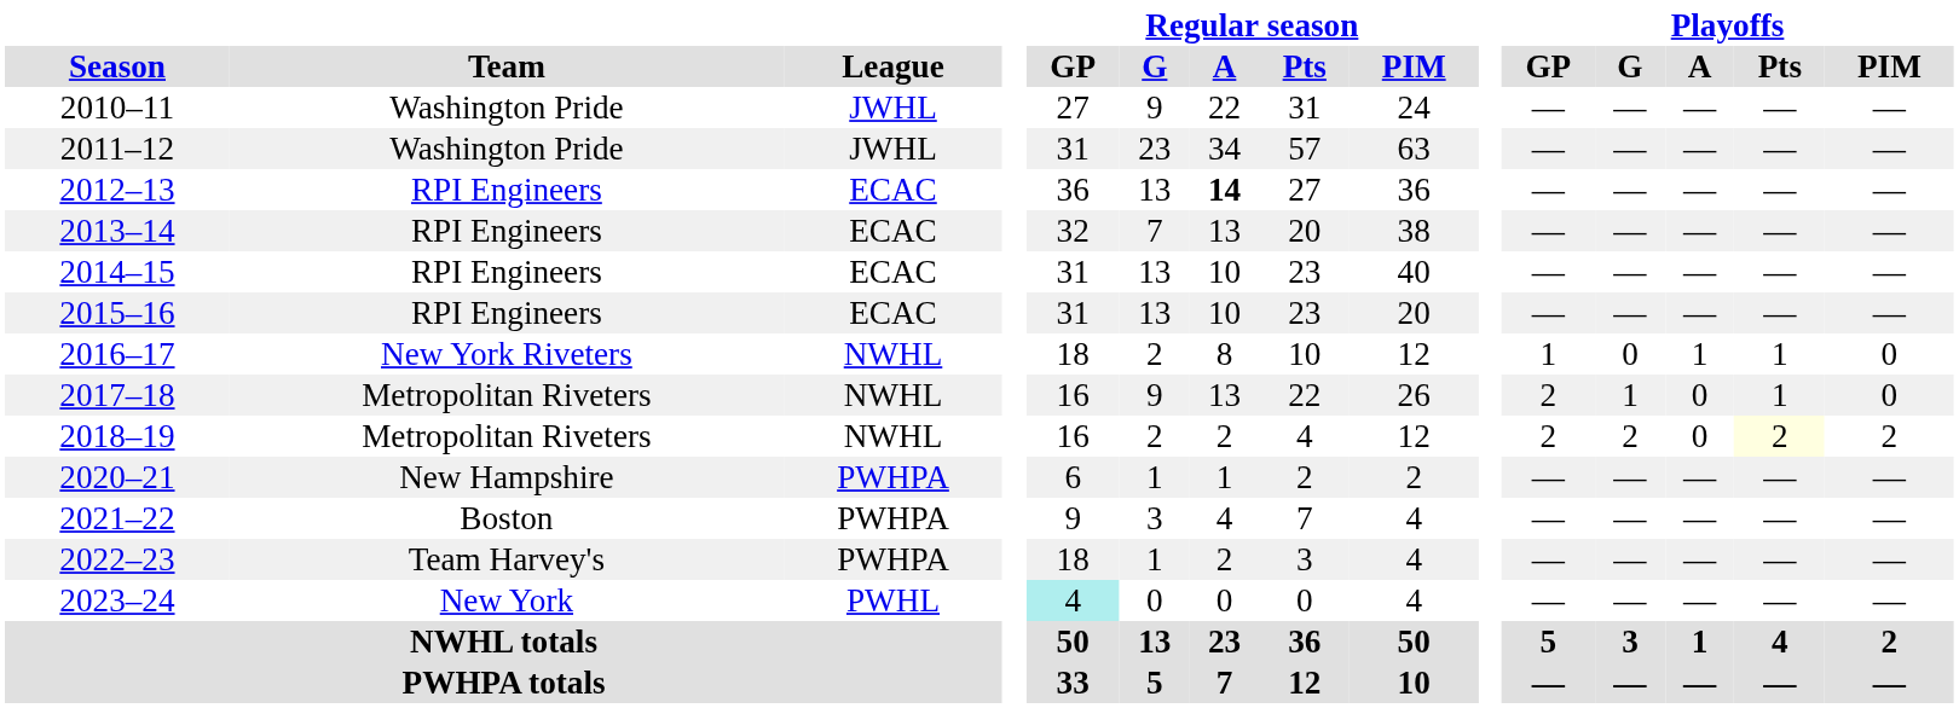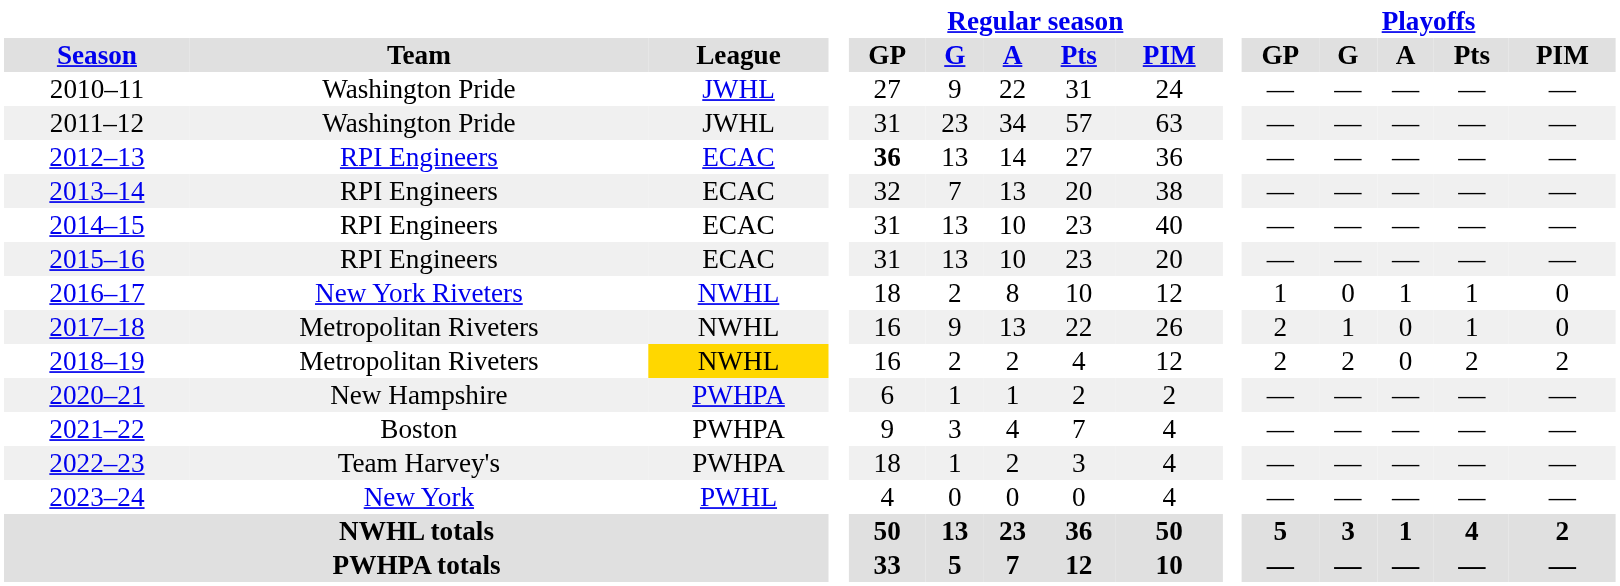 <table border="0" cellpadding="1" cellspacing="0" width="75%" style="text-align:center">
 <tr>
 <th colspan="3" bgcolor="#ffffff"> </th>
 <th rowspan="99" bgcolor="#ffffff"> </th>
 <th colspan="5"><a href='#'>Regular season</a></th>
 <th rowspan="99" bgcolor="#ffffff"> </th>
 <th colspan="5"><a href='#'>Playoffs</a></th>
 </tr>
 <tr bgcolor="#e0e0e0">
 <th><a href='#'>Season</a></th>
 <th>Team</th>
 <th>League</th>
 <th>GP</th>
 <th><a href='#'>G</a></th>
 <th><a href='#'>A</a></th>
 <th><a href='#'>Pts</a></th>
 <th><a href='#'>PIM</a></th>
 <th>GP</th>
 <th>G</th>
 <th>A</th>
 <th>Pts</th>
 <th>PIM</th>
 </tr>
 <tr>
 <td>2010–11</td>
 <td>Washington Pride</td>
 <td><a href='#'>JWHL</a></td>
 <td>27</td>
 <td>9</td>
 <td>22</td>
 <td>31</td>
 <td>24</td>
 <td>—</td>
 <td>—</td>
 <td>—</td>
 <td>—</td>
 <td>—</td>
 </tr>
 <tr bgcolor="f0f0f0">
 <td>2011–12</td>
 <td>Washington Pride</td>
 <td>JWHL</td>
 <td>31</td>
 <td>23</td>
 <td>34</td>
 <td>57</td>
 <td>63</td>
 <td>—</td>
 <td>—</td>
 <td>—</td>
 <td>—</td>
 <td>—</td>
 </tr>
 <tr>
 <td><a href='#'>2012–13</a></td>
 <td><a href='#'>RPI Engineers</a></td>
 <td><a href='#'>ECAC</a></td>
-<td>36</td>
+<td><strong>36</strong></td>
 <td>13</td>
-<td><strong>14</strong></td>
+<td>14</td>
 <td>27</td>
 <td>36</td>
 <td>—</td>
 <td>—</td>
 <td>—</td>
 <td>—</td>
 <td>—</td>
 </tr>
 <tr bgcolor="f0f0f0">
 <td><a href='#'>2013–14</a></td>
 <td>RPI Engineers</td>
 <td>ECAC</td>
 <td>32</td>
 <td>7</td>
 <td>13</td>
 <td>20</td>
 <td>38</td>
 <td>—</td>
 <td>—</td>
 <td>—</td>
 <td>—</td>
 <td>—</td>
 </tr>
 <tr>
 <td><a href='#'>2014–15</a></td>
 <td>RPI Engineers</td>
 <td>ECAC</td>
 <td>31</td>
 <td>13</td>
 <td>10</td>
 <td>23</td>
 <td>40</td>
 <td>—</td>
 <td>—</td>
 <td>—</td>
 <td>—</td>
 <td>—</td>
 </tr>
 <tr bgcolor="f0f0f0">
 <td><a href='#'>2015–16</a></td>
 <td>RPI Engineers</td>
 <td>ECAC</td>
 <td>31</td>
 <td>13</td>
 <td>10</td>
 <td>23</td>
 <td>20</td>
 <td>—</td>
 <td>—</td>
 <td>—</td>
 <td>—</td>
 <td>—</td>
 </tr>
 <tr>
 <td><a href='#'>2016–17</a></td>
 <td><a href='#'>New York Riveters</a></td>
 <td><a href='#'>NWHL</a></td>
 <td>18</td>
 <td>2</td>
 <td>8</td>
 <td>10</td>
 <td>12</td>
 <td>1</td>
 <td>0</td>
 <td>1</td>
 <td>1</td>
 <td>0</td>
 </tr>
 <tr bgcolor="f0f0f0">
 <td><a href='#'>2017–18</a></td>
 <td>Metropolitan Riveters</td>
 <td>NWHL</td>
 <td>16</td>
 <td>9</td>
 <td>13</td>
 <td>22</td>
 <td>26</td>
 <td>2</td>
 <td>1</td>
 <td>0</td>
 <td>1</td>
 <td>0</td>
 </tr>
 <tr>
 <td><a href='#'>2018–19</a></td>
 <td>Metropolitan Riveters</td>
-<td>NWHL</td>
+<td style="background: gold;">NWHL</td>
 <td>16</td>
 <td>2</td>
 <td>2</td>
 <td>4</td>
 <td>12</td>
 <td>2</td>
 <td>2</td>
 <td>0</td>
-<td style="background: lightyellow;">2</td>
+<td>2</td>
 <td>2</td>
 </tr>
 <tr bgcolor="f0f0f0">
 <td><a href='#'>2020–21</a></td>
 <td>New Hampshire</td>
 <td><a href='#'>PWHPA</a></td>
 <td>6</td>
 <td>1</td>
 <td>1</td>
 <td>2</td>
 <td>2</td>
 <td>—</td>
 <td>—</td>
 <td>—</td>
 <td>—</td>
 <td>—</td>
 </tr>
 <tr>
 <td><a href='#'>2021–22</a></td>
 <td>Boston</td>
 <td>PWHPA</td>
 <td>9</td>
 <td>3</td>
 <td>4</td>
 <td>7</td>
 <td>4</td>
 <td>—</td>
 <td>—</td>
 <td>—</td>
 <td>—</td>
 <td>—</td>
 </tr>
 <tr bgcolor="f0f0f0">
 <td><a href='#'>2022–23</a></td>
 <td>Team Harvey's</td>
 <td>PWHPA</td>
 <td>18</td>
 <td>1</td>
 <td>2</td>
 <td>3</td>
 <td>4</td>
 <td>—</td>
 <td>—</td>
 <td>—</td>
 <td>—</td>
 <td>—</td>
 </tr>
 <tr>
 <td><a href='#'>2023–24</a></td>
 <td><a href='#'>New York</a></td>
 <td><a href='#'>PWHL</a></td>
-<td style="background: paleturquoise;">4</td>
+<td>4</td>
 <td>0</td>
 <td>0</td>
 <td>0</td>
 <td>4</td>
 <td>—</td>
 <td>—</td>
 <td>—</td>
 <td>—</td>
 <td>—</td>
 </tr>
 <tr bgcolor="#e0e0e0">
 <th colspan=3>NWHL totals</th>
 <th>50</th>
 <th>13</th>
 <th>23</th>
 <th>36</th>
 <th>50</th>
 <th>5</th>
 <th>3</th>
 <th>1</th>
 <th>4</th>
 <th>2</th>
 </tr>
 <tr bgcolor="#e0e0e0">
 <th colspan=3>PWHPA totals</th>
 <th>33</th>
 <th>5</th>
 <th>7</th>
 <th>12</th>
 <th>10</th>
 <th>—</th>
 <th>—</th>
 <th>—</th>
 <th>—</th>
 <th>—</th>
 </tr>
 </table>
